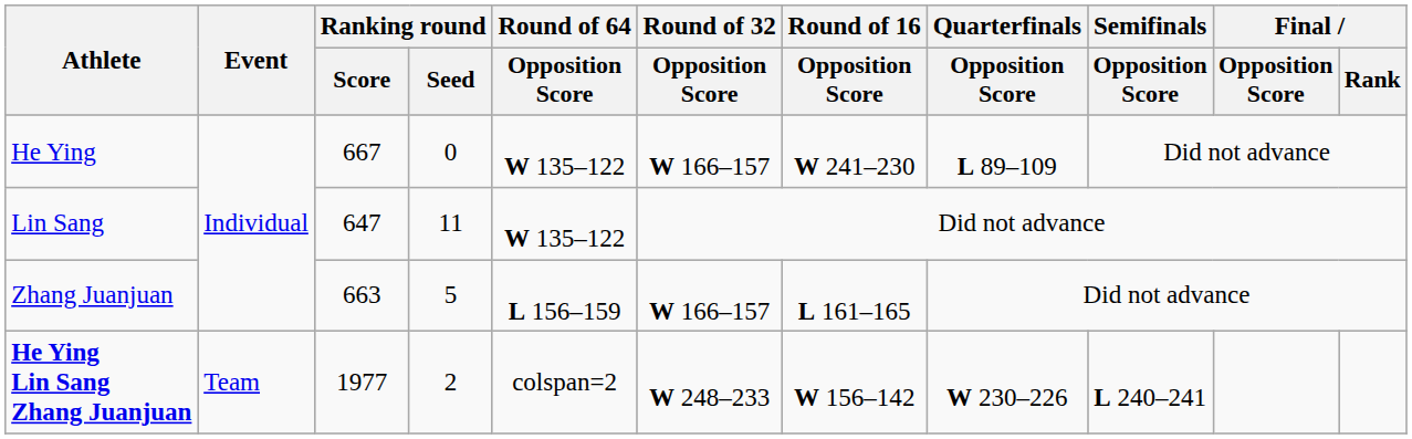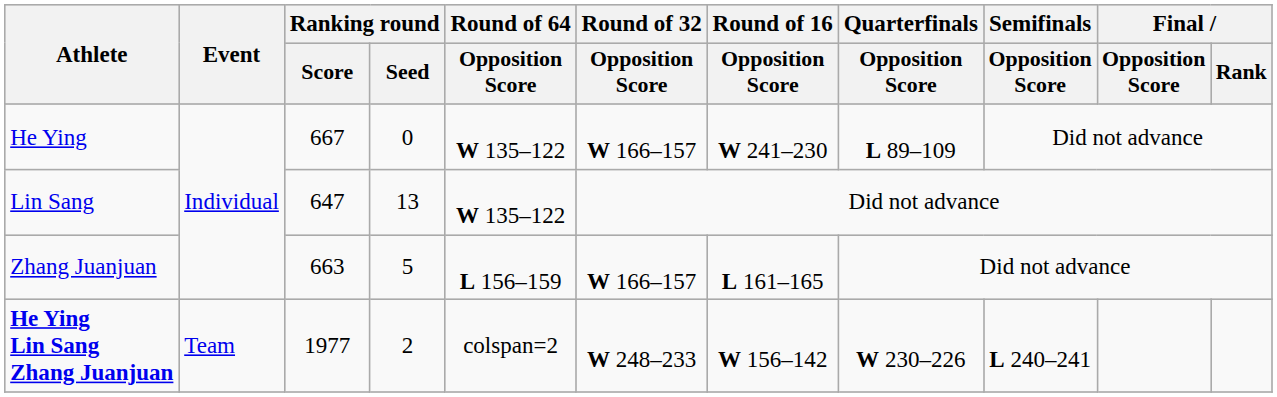 <table class="wikitable" style="font-size:90%">
 <tr>
 <th rowspan="2">Athlete</th>
 <th rowspan="2">Event</th>
 <th colspan="2">Ranking round</th>
 <th>Round of 64</th>
 <th>Round of 32</th>
 <th>Round of 16</th>
 <th>Quarterfinals</th>
 <th>Semifinals</th>
 <th colspan="2">Final / </th>
 </tr>
 <tr style="font-size:95%">
 <th>Score</th>
 <th>Seed</th>
 <th>Opposition<br>Score</th>
 <th>Opposition<br>Score</th>
 <th>Opposition<br>Score</th>
 <th>Opposition<br>Score</th>
 <th>Opposition<br>Score</th>
 <th>Opposition<br>Score</th>
 <th>Rank</th>
 </tr>
 <tr align=center>
 <td align=left><a href='#'>He Ying</a></td>
 <td style="text-align:left;" rowspan="3"><a href='#'>Individual</a></td>
 <td>667</td>
 <td>0</td>
 <td><br><strong>W</strong> 135–122</td>
 <td><br><strong>W</strong> 166–157</td>
 <td><br><strong>W</strong> 241–230</td>
 <td><br><strong>L</strong> 89–109</td>
 <td colspan=3>Did not advance</td>
 </tr>
 <tr align=center>
 <td align=left><a href='#'>Lin Sang</a></td>
 <td>647</td>
-<td>11</td>
+<td>13</td>
 <td><br><strong>W</strong> 135–122</td>
 <td colspan=6>Did not advance</td>
 </tr>
 <tr align=center>
 <td align=left><a href='#'>Zhang Juanjuan</a></td>
 <td>663</td>
 <td>5</td>
 <td><br><strong>L</strong> 156–159</td>
 <td><br><strong>W</strong> 166–157</td>
 <td><br><strong>L</strong> 161–165</td>
 <td colspan=4>Did not advance</td>
 </tr>
 <tr align=center>
 <td align=left><strong><a href='#'>He Ying</a><br><a href='#'>Lin Sang</a><br><a href='#'>Zhang Juanjuan</a></strong></td>
 <td align=left><a href='#'>Team</a></td>
 <td>1977</td>
 <td>2</td>
 <td>colspan=2 </td>
 <td><br><strong>W</strong> 248–233</td>
 <td><br><strong>W</strong> 156–142</td>
 <td><br><strong>W</strong> 230–226</td>
 <td><br><strong>L</strong> 240–241</td>
 <td></td>
 </tr>
 </table>
